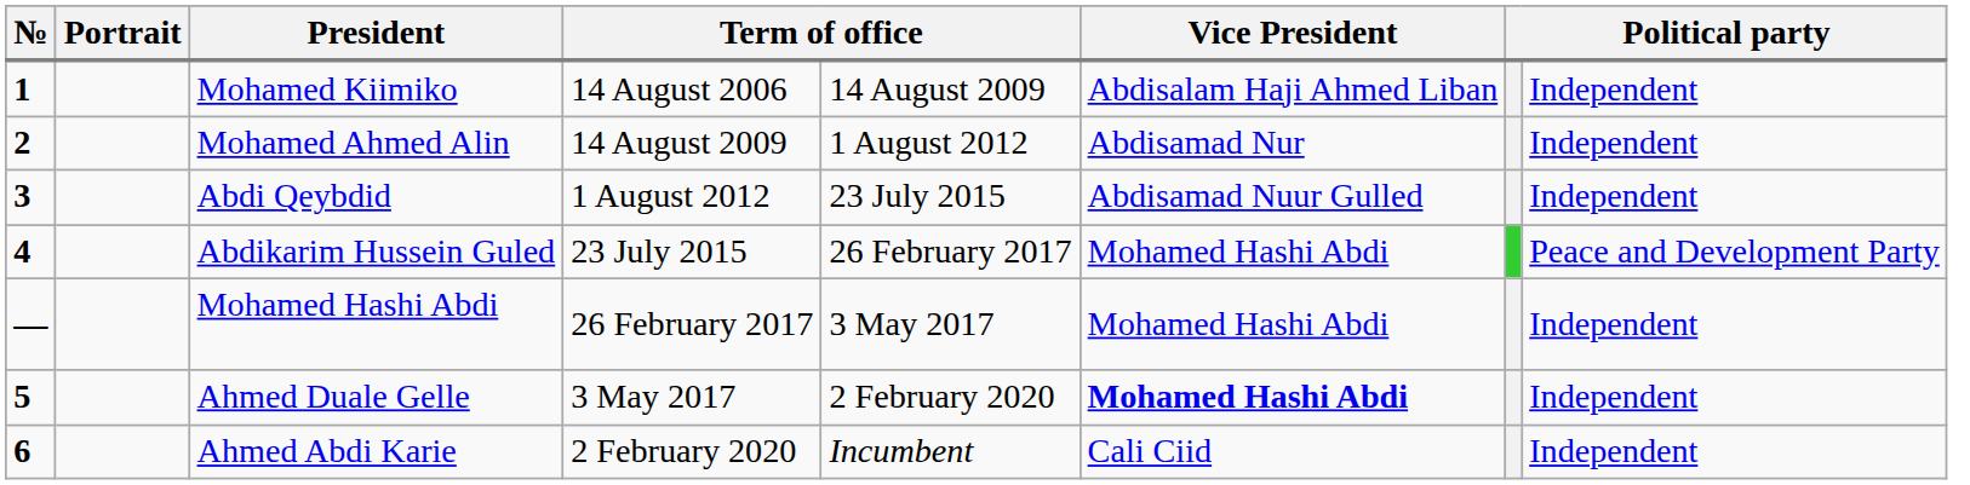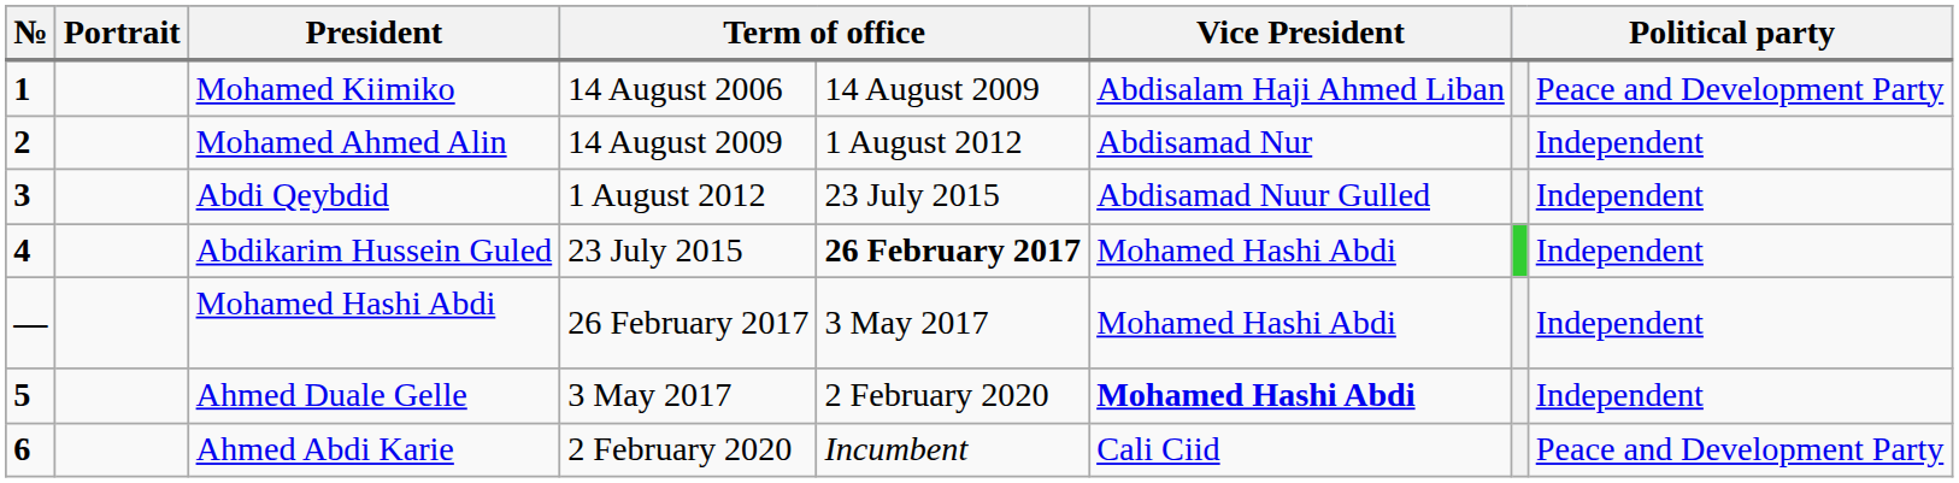 <table class="wikitable">
 <tr style="text-align:center; border-bottom:2px solid gray;" bgcolor="lightsteelblue">
 <th>№</th>
 <th>Portrait</th>
 <th>President<br></th>
 <th colspan="2">Term of office</th>
 <th>Vice President</th>
 <th colspan="2">Political party</th>
 </tr>
 <tr>
 <td><strong>1</strong></td>
 <td></td>
 <td><a href='#'>Mohamed Kiimiko</a><br></td>
 <td>14 August 2006</td>
 <td>14 August 2009</td>
 <td><a href='#'>Abdisalam Haji Ahmed Liban</a></td>
 <th style="background:"></th>
-<td><a href='#'>Independent</a></td>
+<td><a href='#'>Peace and Development Party</a></td>
 </tr>
 <tr>
 <td><strong>2</strong></td>
 <td></td>
 <td><a href='#'>Mohamed Ahmed Alin</a><br></td>
 <td>14 August 2009</td>
 <td>1 August 2012</td>
 <td><a href='#'>Abdisamad Nur</a></td>
 <th style="background:"></th>
 <td><a href='#'>Independent</a></td>
 </tr>
 <tr>
 <td><strong>3</strong></td>
 <td></td>
 <td><a href='#'>Abdi Qeybdid</a><br></td>
 <td>1 August 2012 </td>
 <td>23 July 2015</td>
 <td><a href='#'>Abdisamad Nuur Gulled</a></td>
 <th style="background:"></th>
 <td><a href='#'>Independent</a></td>
 </tr>
 <tr>
 <td><strong>4</strong></td>
 <td></td>
 <td><a href='#'>Abdikarim Hussein Guled</a><br></td>
 <td>23 July 2015</td>
-<td>26 February 2017</td>
+<td><strong>26 February 2017</strong></td>
 <td><a href='#'>Mohamed Hashi Abdi</a></td>
 <th style="background:#32CD32; color:black;"></th>
-<td><a href='#'>Peace and Development Party</a></td>
+<td><a href='#'>Independent</a></td>
 </tr>
 <tr>
 <td><strong>—</strong></td>
 <td></td>
 <td><a href='#'>Mohamed Hashi Abdi</a><br><br></td>
 <td>26 February 2017</td>
 <td>3 May 2017</td>
 <td><a href='#'>Mohamed Hashi Abdi</a></td>
 <th style="background:"></th>
 <td><a href='#'>Independent</a></td>
 </tr>
 <tr>
 <td><strong>5</strong></td>
 <td></td>
 <td><a href='#'>Ahmed Duale Gelle</a><br></td>
 <td>3 May 2017</td>
 <td>2 February 2020</td>
 <td><strong><a href='#'>Mohamed Hashi Abdi</a></strong></td>
 <th style="background:"></th>
 <td><a href='#'>Independent</a></td>
 </tr>
 <tr>
 <td><strong>6</strong></td>
 <td></td>
 <td><a href='#'>Ahmed Abdi Karie</a><br> </td>
 <td>2 February 2020</td>
 <td><em>Incumbent</em></td>
 <td><a href='#'>Cali Ciid</a></td>
 <th style="background:"></th>
-<td><a href='#'>Independent</a></td>
+<td><a href='#'>Peace and Development Party</a></td>
 </tr>
 </table>
